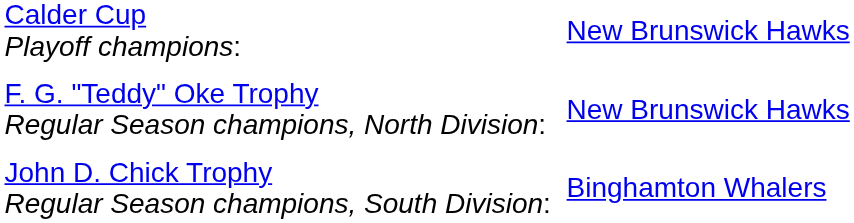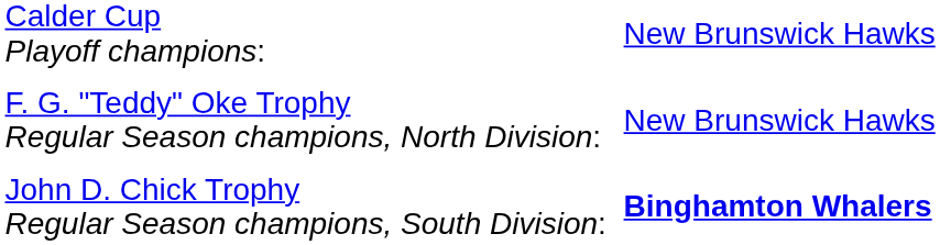 <table cellpadding="3" cellspacing="3">
 <tr>
 <td><a href='#'>Calder Cup</a><br><em>Playoff champions</em>:</td>
 <td><a href='#'>New Brunswick Hawks</a></td>
 </tr>
 <tr>
 <td><a href='#'>F. G. "Teddy" Oke Trophy</a><br><em>Regular Season champions, North Division</em>:</td>
 <td><a href='#'>New Brunswick Hawks</a></td>
 </tr>
 <tr>
 <td><a href='#'>John D. Chick Trophy</a><br><em>Regular Season champions, South Division</em>:</td>
-<td><a href='#'>Binghamton Whalers</a></td>
+<td><strong><a href='#'>Binghamton Whalers</a></strong></td>
 </tr>
 </table>
